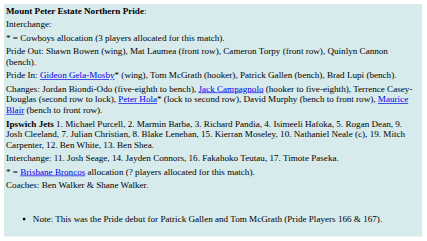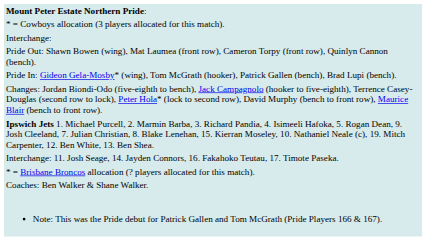 <table style="background:#d7ebed; font-size:85%; width:100%;">
 <tr>
 <td><strong>Mount Peter Estate Northern Pride</strong>:             </td>
 </tr>
 <tr>
-<td>Interchange:    </td>
+<td>* = Cowboys allocation (3 players allocated for this match).</td>
 </tr>
 <tr>
-<td>* = Cowboys allocation (3 players allocated for this match).</td>
+<td>Interchange:    </td>
 </tr>
 <tr>
 <td>Pride Out: Shawn Bowen (wing), Mat Laumea (front row), Cameron Torpy (front row), Quinlyn Cannon (bench).</td>
 </tr>
 <tr>
 <td>Pride In: <a href='#'>Gideon Gela-Mosby</a>* (wing), Tom McGrath (hooker), Patrick Gallen (bench), Brad Lupi (bench).</td>
 </tr>
 <tr>
 <td>Changes: Jordan Biondi-Odo (five-eighth to bench), <a href='#'>Jack Campagnolo</a> (hooker to five-eighth), Terrence Casey-Douglas (second row to lock), <a href='#'>Peter Hola</a>* (lock to second row), David Murphy (bench to front row), <a href='#'>Maurice Blair</a> (bench to front row).</td>
 </tr>
 <tr>
 <td><strong>Ipswich Jets</strong> 1. Michael Purcell, 2. Marmin Barba, 3.  Richard Pandia, 4. Isimeeli Hafoka, 5. Rogan Dean, 9. Josh Cleeland, 7. Julian Christian, 8. Blake Lenehan, 15. Kierran Moseley, 10. Nathaniel Neale (c), 19. Mitch Carpenter, 12. Ben White, 13. Ben Shea.</td>
 </tr>
 <tr>
 <td>Interchange: 11. Josh Seage, 14. Jayden Connors, 16. Fakahoko Teutau, 17. Timote Paseka.</td>
 </tr>
 <tr>
 <td>* = <a href='#'>Brisbane Broncos</a> allocation (? players allocated for this match).</td>
 </tr>
 <tr>
 <td>Coaches: Ben Walker & Shane Walker.</td>
 </tr>
 <tr>
 <td><br><ul><li>Note: This was the Pride debut for Patrick Gallen and Tom McGrath (Pride Players 166 & 167).</li></ul></td>
 </tr>
 <tr>
 </tr>
 </table>
